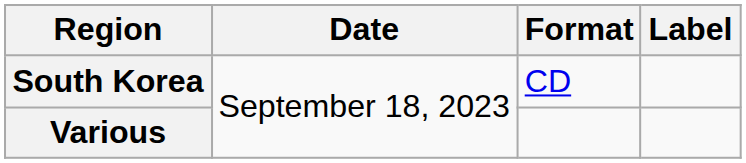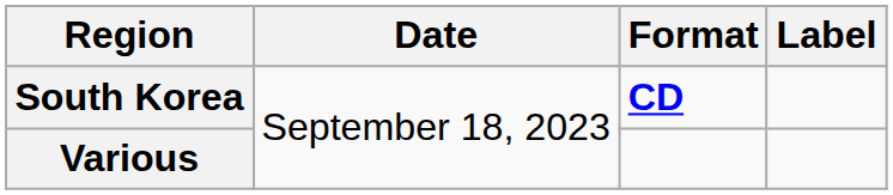 <table class="wikitable plainrowheaders">
 <tr>
 <th scope="col">Region</th>
 <th scope="col">Date</th>
 <th scope="col">Format</th>
 <th scope="col">Label</th>
 </tr>
 <tr>
 <th scope="row">South Korea</th>
 <td rowspan="2">September 18, 2023</td>
-<td><a href='#'>CD</a></td>
+<td><strong><a href='#'>CD</a></strong></td>
 <td></td>
 </tr>
 <tr>
 <th scope="row">Various </th>
 <td></td>
 <td></td>
 </tr>
 </table>
